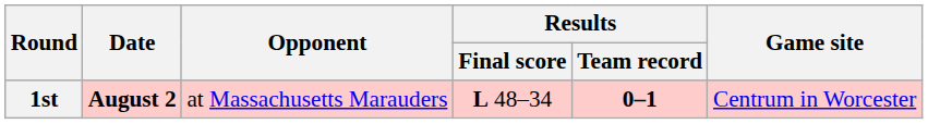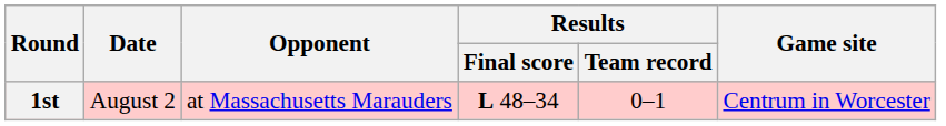 <table class="wikitable" style="font-size: 92%;" "align=center">
 <tr>
 <th rowspan="2">Round</th>
 <th rowspan="2">Date</th>
 <th rowspan="2">Opponent</th>
 <th colspan="2">Results</th>
 <th rowspan="2">Game site</th>
 </tr>
 <tr>
 <th>Final score</th>
 <th>Team record</th>
 </tr>
 <tr style="background:#fcc">
 <th>1st</th>
-<td style="text-align:center;"><strong>August 2</strong></td>
+<td style="text-align:center;">August 2</td>
 <td style="text-align:center;">at <a href='#'>Massachusetts Marauders</a></td>
 <td style="text-align:center;"><strong>L</strong> 48–34</td>
-<td style="text-align:center;"><strong>0–1</strong></td>
+<td style="text-align:center;">0–1</td>
 <td style="text-align:center;"><a href='#'>Centrum in Worcester</a></td>
 </tr>
 </table>
